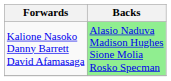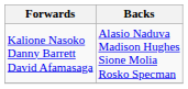 <table class=wikitable style="text-align: left;">
 <tr>
 <th align=center>Forwards</th>
 <th align=center>Backs</th>
 </tr>
 <tr>
 <td> <a href='#'>Kalione Nasoko</a> <br>  <a href='#'>Danny Barrett</a> <br>  <a href='#'>David Afamasaga</a></td>
-<td style="background: lightgreen;"> <a href='#'>Alasio Naduva</a> <br>  <a href='#'>Madison Hughes</a> <br>  <a href='#'>Sione Molia</a> <br>  <a href='#'>Rosko Specman</a></td>
+<td> <a href='#'>Alasio Naduva</a> <br>  <a href='#'>Madison Hughes</a> <br>  <a href='#'>Sione Molia</a> <br>  <a href='#'>Rosko Specman</a></td>
 </tr>
 <tr>
 </tr>
 </table>
